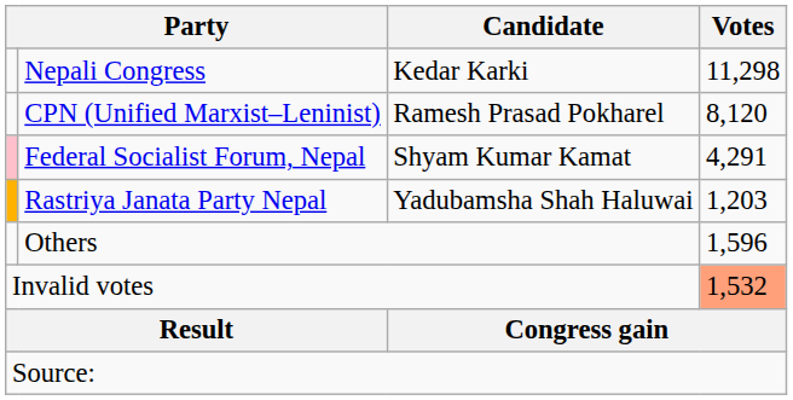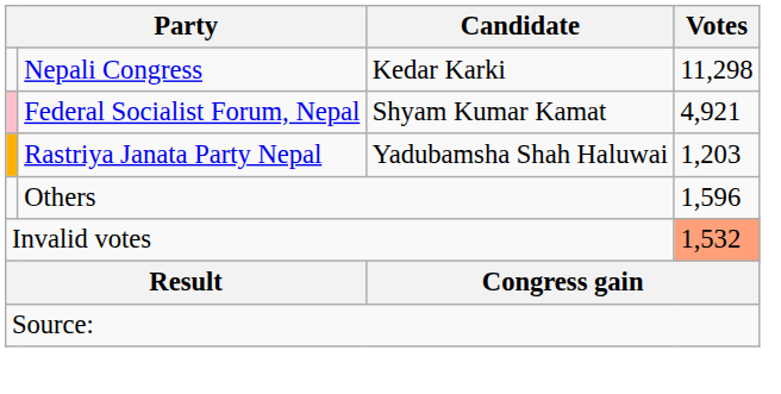 <table class="wikitable">
 <tr>
 <th colspan="2">Party</th>
 <th>Candidate</th>
 <th>Votes</th>
 </tr>
 <tr>
 <td style="background-color:"></td>
 <td><a href='#'>Nepali Congress</a></td>
 <td>Kedar Karki</td>
 <td>11,298</td>
 </tr>
 <tr>
-<td style="background-color:"></td>
-<td><a href='#'>CPN (Unified Marxist–Leninist)</a></td>
-<td>Ramesh Prasad Pokharel</td>
-<td>8,120</td>
-</tr>
-<tr>
 <td style="background-color:pink"></td>
 <td><a href='#'>Federal Socialist Forum, Nepal</a></td>
 <td>Shyam Kumar Kamat</td>
-<td>4,291</td>
+<td>4,921</td>
 </tr>
 <tr>
 <td style="background-color:#ffb300"></td>
 <td><a href='#'>Rastriya Janata Party Nepal</a></td>
 <td>Yadubamsha Shah Haluwai</td>
 <td>1,203</td>
 </tr>
 <tr>
 <td></td>
 <td colspan="2">Others</td>
 <td>1,596</td>
 </tr>
 <tr>
 <td colspan="3">Invalid votes</td>
 <td style="background: lightsalmon;">1,532</td>
 </tr>
 <tr>
 <th colspan="2">Result</th>
 <th colspan="2">Congress gain</th>
 </tr>
 <tr>
 <td colspan="4">Source: </td>
 </tr>
 </table>
